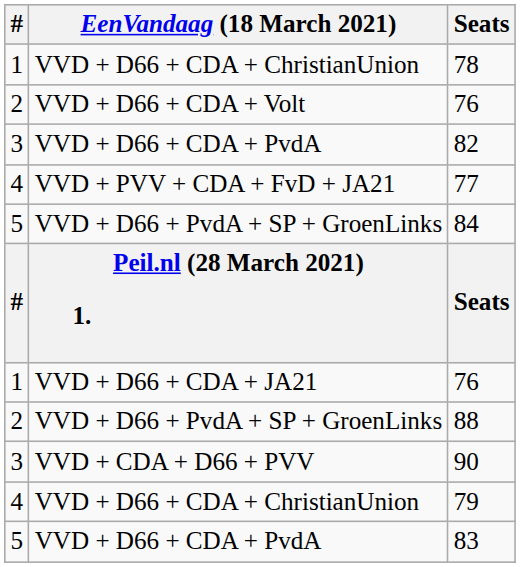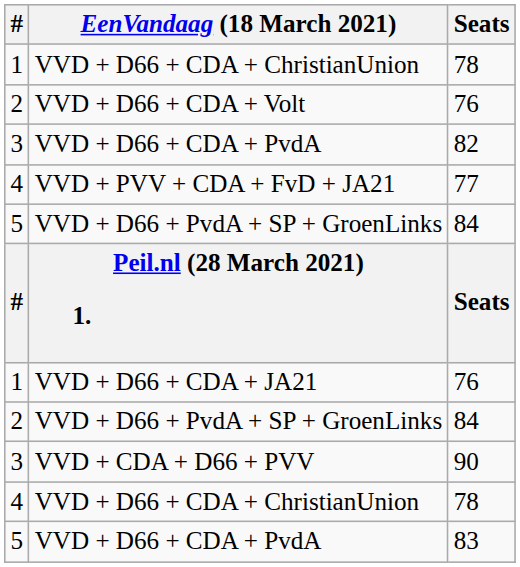 <table class="wikitable floatright">
 <tr>
 <th>#</th>
 <th><em><a href='#'>EenVandaag</a></em> (18 March 2021)</th>
 <th>Seats</th>
 </tr>
 <tr>
 <td>1</td>
 <td>VVD + D66 + CDA + ChristianUnion</td>
 <td>78</td>
 </tr>
 <tr>
 <td>2</td>
 <td>VVD + D66 + CDA + Volt</td>
 <td>76</td>
 </tr>
 <tr>
 <td>3</td>
 <td>VVD + D66 + CDA + PvdA</td>
 <td>82</td>
 </tr>
 <tr>
 <td>4</td>
 <td>VVD + PVV + CDA + FvD + JA21</td>
 <td>77</td>
 </tr>
 <tr>
 <td>5</td>
 <td>VVD + D66 + PvdA + SP + GroenLinks</td>
 <td>84</td>
 </tr>
 <tr>
 <th>#</th>
 <th><a href='#'>Peil.nl</a> (28 March 2021)<br><ol><li></li></ol></th>
 <th>Seats</th>
 </tr>
 <tr>
 <td>1</td>
 <td>VVD + D66 + CDA + JA21</td>
 <td>76</td>
 </tr>
 <tr>
 <td>2</td>
 <td>VVD + D66 + PvdA + SP + GroenLinks</td>
-<td>88</td>
+<td>84</td>
 </tr>
 <tr>
 <td>3</td>
 <td>VVD + CDA + D66 + PVV</td>
 <td>90</td>
 </tr>
 <tr>
 <td>4</td>
 <td>VVD + D66 + CDA + ChristianUnion</td>
-<td>79</td>
+<td>78</td>
 </tr>
 <tr>
 <td>5</td>
 <td>VVD + D66 + CDA + PvdA</td>
 <td>83</td>
 </tr>
 </table>
